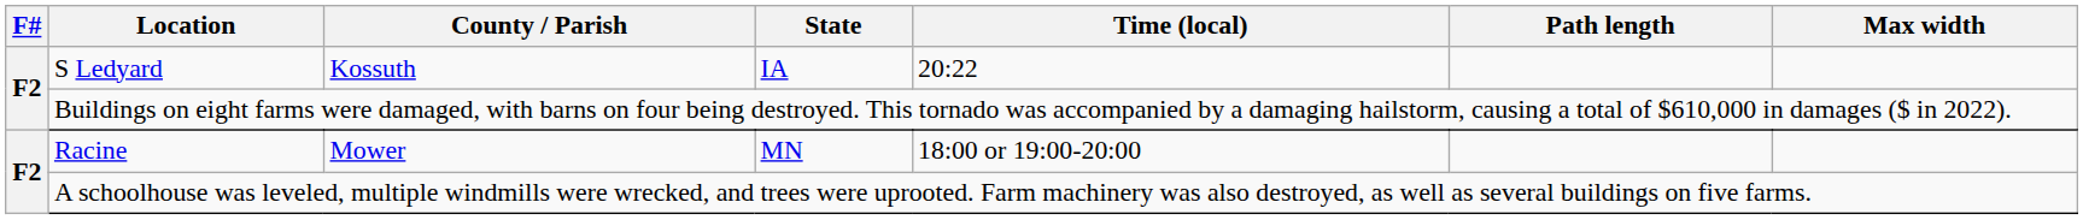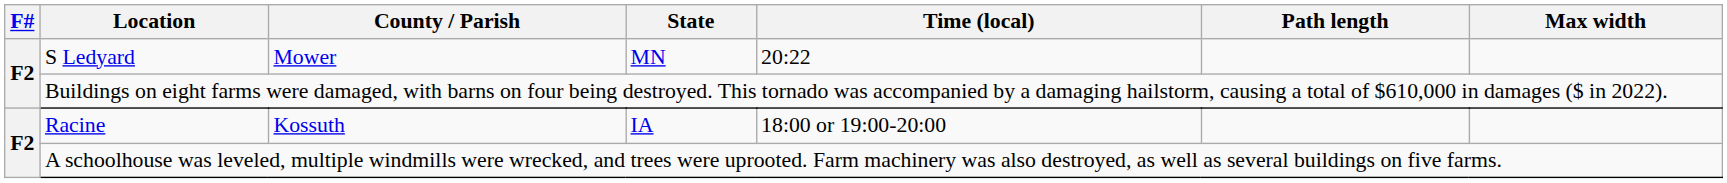 <table class="wikitable sortable" style="width:100%;">
 <tr>
 <th scope="col" align="center"><a href='#'>F#</a><br></th>
 <th scope="col" align="center" class="unsortable">Location</th>
 <th scope="col" align="center" class="unsortable">County / Parish</th>
 <th scope="col" align="center">State</th>
 <th scope="col" align="center">Time (local)</th>
 <th scope="col" align="center">Path length</th>
 <th scope="col" align="center">Max width</th>
 </tr>
 <tr>
 <th scope="row" rowspan="2" style="background-color:#">F2</th>
 <td>S <a href='#'>Ledyard</a></td>
-<td><a href='#'>Kossuth</a></td>
-<td><a href='#'>IA</a></td>
+<td><a href='#'>Mower</a></td>
+<td><a href='#'>MN</a></td>
 <td>20:22</td>
 <td></td>
 <td></td>
 </tr>
 <tr class="expand-child">
 <td colspan="6" style="border-bottom: 1px solid black;">Buildings on eight farms were damaged, with barns on four being destroyed. This tornado was accompanied by a damaging hailstorm, causing a total of $610,000 in damages ($ in 2022).</td>
 </tr>
 <tr>
 <th scope="row" rowspan="2" style="background-color:#">F2</th>
 <td><a href='#'>Racine</a></td>
-<td><a href='#'>Mower</a></td>
-<td><a href='#'>MN</a></td>
+<td><a href='#'>Kossuth</a></td>
+<td><a href='#'>IA</a></td>
 <td>18:00 or 19:00-20:00</td>
 <td></td>
 <td></td>
 </tr>
 <tr class="expand-child">
 <td colspan="6" style="border-bottom: 1px solid black;">A schoolhouse was leveled, multiple windmills were wrecked, and trees were uprooted. Farm machinery was also destroyed, as well as several buildings on five farms.</td>
 </tr>
 </table>
